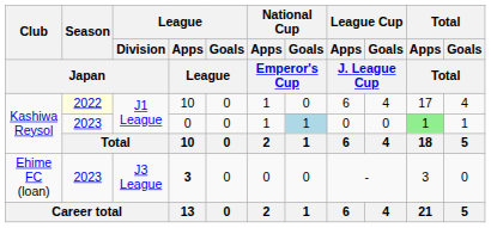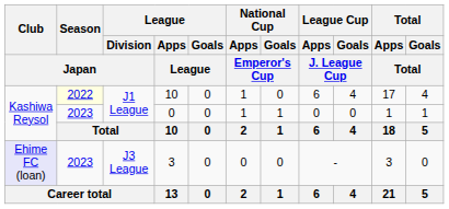 <table class="wikitable" style="text-align:center">
 <tr>
 <th rowspan=2>Club</th>
 <th rowspan=2>Season</th>
 <th colspan=3>League</th>
 <th colspan=2>National Cup</th>
 <th colspan=2>League Cup</th>
 <th colspan=2>Total</th>
 </tr>
 <tr>
 <th>Division</th>
 <th>Apps</th>
 <th>Goals</th>
 <th>Apps</th>
 <th>Goals</th>
 <th>Apps</th>
 <th>Goals</th>
 <th>Apps</th>
 <th>Goals</th>
 </tr>
 <tr>
 <th colspan=3>Japan</th>
 <th colspan=2>League</th>
 <th colspan=2><a href='#'>Emperor's Cup</a></th>
 <th colspan=2><a href='#'>J. League Cup</a></th>
 <th colspan=2>Total</th>
 </tr>
 <tr>
 <td rowspan="3"><a href='#'>Kashiwa Reysol</a></td>
 <td style="background: lightyellow;"><a href='#'>2022</a></td>
 <td rowspan="2"><a href='#'>J1 League</a></td>
 <td>10</td>
 <td>0</td>
 <td>1</td>
 <td>0</td>
 <td>6</td>
 <td>4</td>
 <td>17</td>
 <td>4</td>
 </tr>
 <tr>
 <td><a href='#'>2023</a></td>
 <td>0</td>
 <td>0</td>
 <td>1</td>
-<td style="background: lightblue;">1</td>
+<td>1</td>
 <td>0</td>
 <td>0</td>
-<td style="background: lightgreen;">1</td>
+<td>1</td>
 <td>1</td>
 </tr>
 <tr>
 <th colspan="2">Total</th>
 <th>10</th>
 <th>0</th>
 <th>2</th>
 <th>1</th>
 <th>6</th>
 <th>4</th>
 <th>18</th>
 <th>5</th>
 </tr>
 <tr>
-<td><a href='#'>Ehime FC</a> (loan)</td>
+<td style="background: lavender;"><a href='#'>Ehime FC</a> (loan)</td>
 <td><a href='#'>2023</a></td>
 <td><a href='#'>J3 League</a></td>
-<td><strong>3</strong></td>
+<td>3</td>
 <td>0</td>
 <td>0</td>
 <td>0</td>
 <td colspan="2">-</td>
 <td>3</td>
 <td>0</td>
 </tr>
 <tr>
 <th colspan=3>Career total</th>
 <th>13</th>
 <th>0</th>
 <th>2</th>
 <th>1</th>
 <th>6</th>
 <th>4</th>
 <th>21</th>
 <th>5</th>
 </tr>
 </table>
